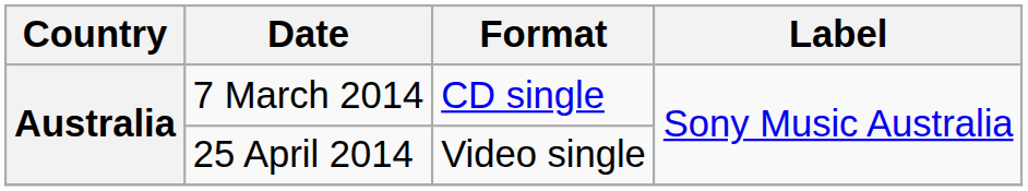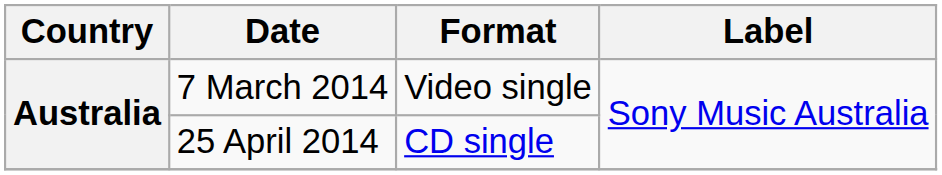 <table class="wikitable plainrowheaders">
 <tr>
 <th scope="col">Country</th>
 <th scope="col">Date</th>
 <th scope="col">Format</th>
 <th scope="col">Label</th>
 </tr>
 <tr>
 <th scope="row" rowspan="2">Australia</th>
 <td>7 March 2014</td>
-<td><a href='#'>CD single</a></td>
+<td>Video single</td>
 <td rowspan="2"><a href='#'>Sony Music Australia</a></td>
 </tr>
 <tr>
 <td>25 April 2014</td>
-<td>Video single</td>
+<td><a href='#'>CD single</a></td>
 </tr>
 <tr>
 </tr>
 </table>
